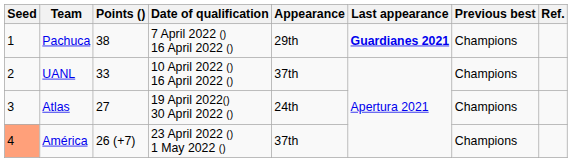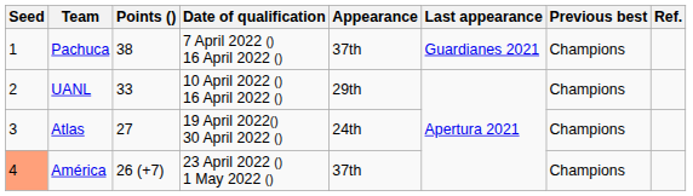 <table class="wikitable sortable">
 <tr>
 <th>Seed</th>
 <th>Team</th>
 <th>Points ()</th>
 <th>Date of qualification</th>
 <th>Appearance</th>
 <th>Last appearance</th>
 <th>Previous best</th>
 <th>Ref.</th>
 </tr>
 <tr>
 <td>1</td>
 <td><a href='#'>Pachuca</a></td>
 <td>38</td>
 <td>7 April 2022 <small>()</small><br>16 April 2022 <small>()</small></td>
-<td>29th</td>
-<td rowspan="1"><strong><a href='#'>Guardianes 2021</a></strong></td>
+<td>37th</td>
+<td rowspan="1"><a href='#'>Guardianes 2021</a></td>
 <td>Champions<br></td>
 <td></td>
 </tr>
 <tr>
 <td>2</td>
 <td><a href='#'>UANL</a></td>
 <td>33</td>
 <td>10 April 2022 <small>()</small><br>16 April 2022 <small>()</small></td>
-<td>37th</td>
+<td>29th</td>
 <td rowspan="3"><a href='#'>Apertura 2021</a></td>
 <td>Champions<br></td>
 <td></td>
 </tr>
 <tr>
 <td>3</td>
 <td><a href='#'>Atlas</a></td>
 <td>27</td>
 <td>19 April 2022<small>()</small><br>30 April 2022 <small>()</small></td>
 <td>24th</td>
 <td>Champions<br></td>
 <td></td>
 </tr>
 <tr>
 <td style="background: lightsalmon;">4</td>
 <td><a href='#'>América</a></td>
 <td>26 (+7)</td>
 <td>23 April 2022 <small>()</small><br>1 May 2022 <small>()</small></td>
 <td>37th</td>
 <td>Champions<br></td>
 <td></td>
 </tr>
 </table>
